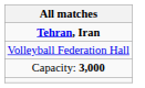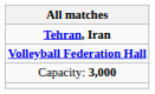 <table class="wikitable" style="text-align:center">
 <tr>
 <th>All matches</th>
 </tr>
 <tr>
 <td><strong><a href='#'>Tehran</a>, Iran</strong></td>
 </tr>
 <tr>
-<td><a href='#'>Volleyball Federation Hall</a></td>
+<td><strong><a href='#'>Volleyball Federation Hall</a></strong></td>
 </tr>
 <tr>
 <td>Capacity: <strong>3,000</strong></td>
 </tr>
 <tr>
 <td></td>
 </tr>
 </table>
